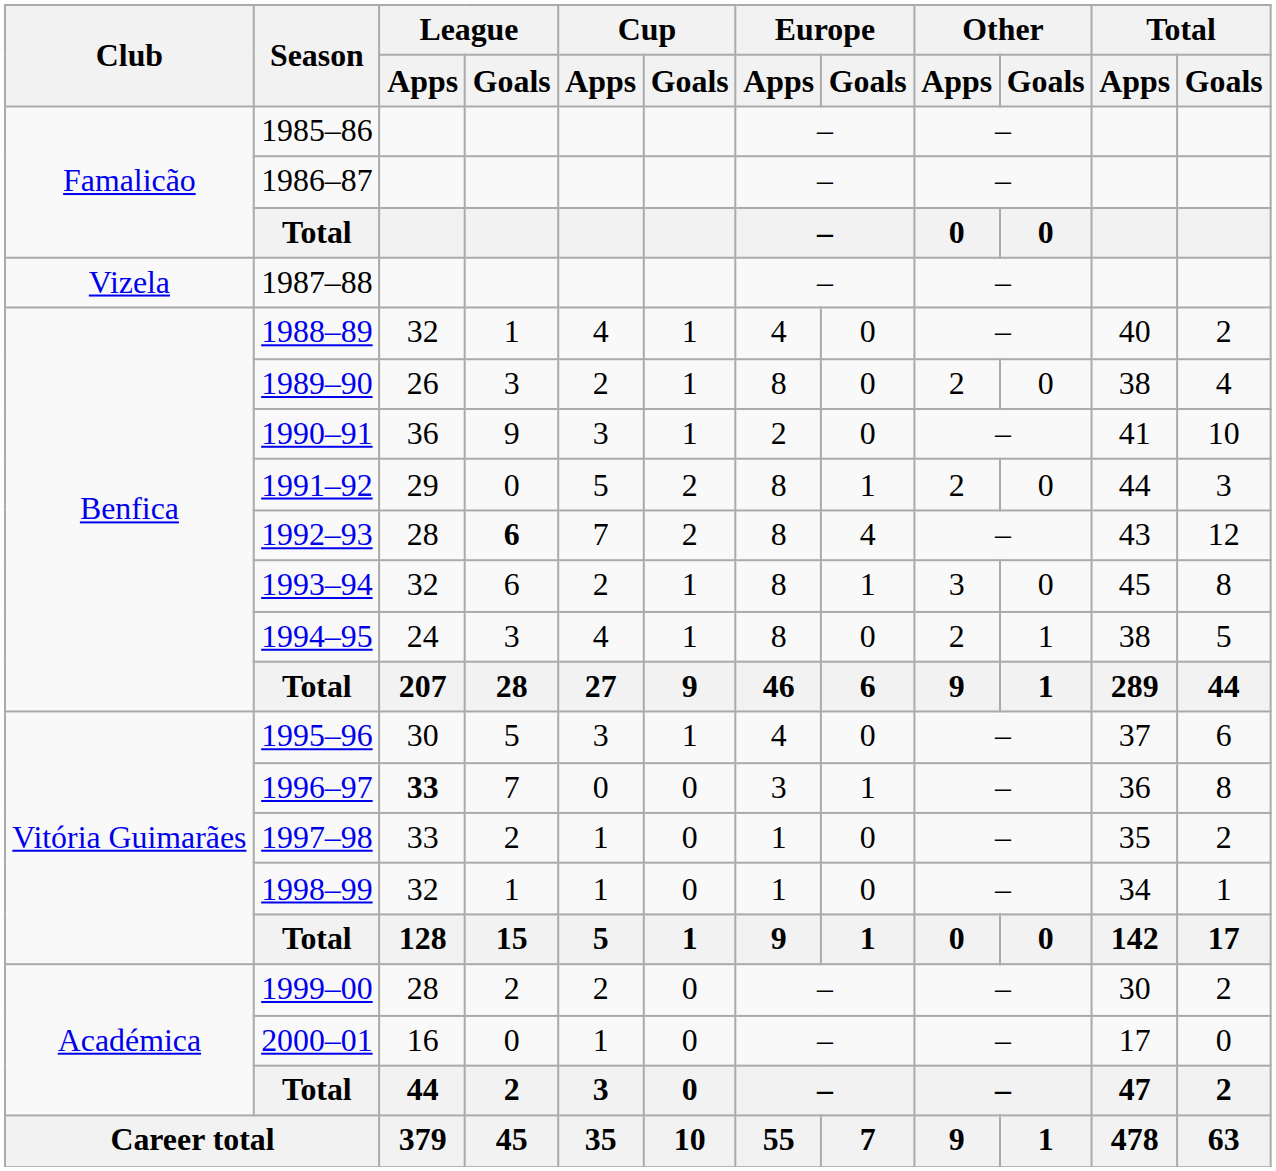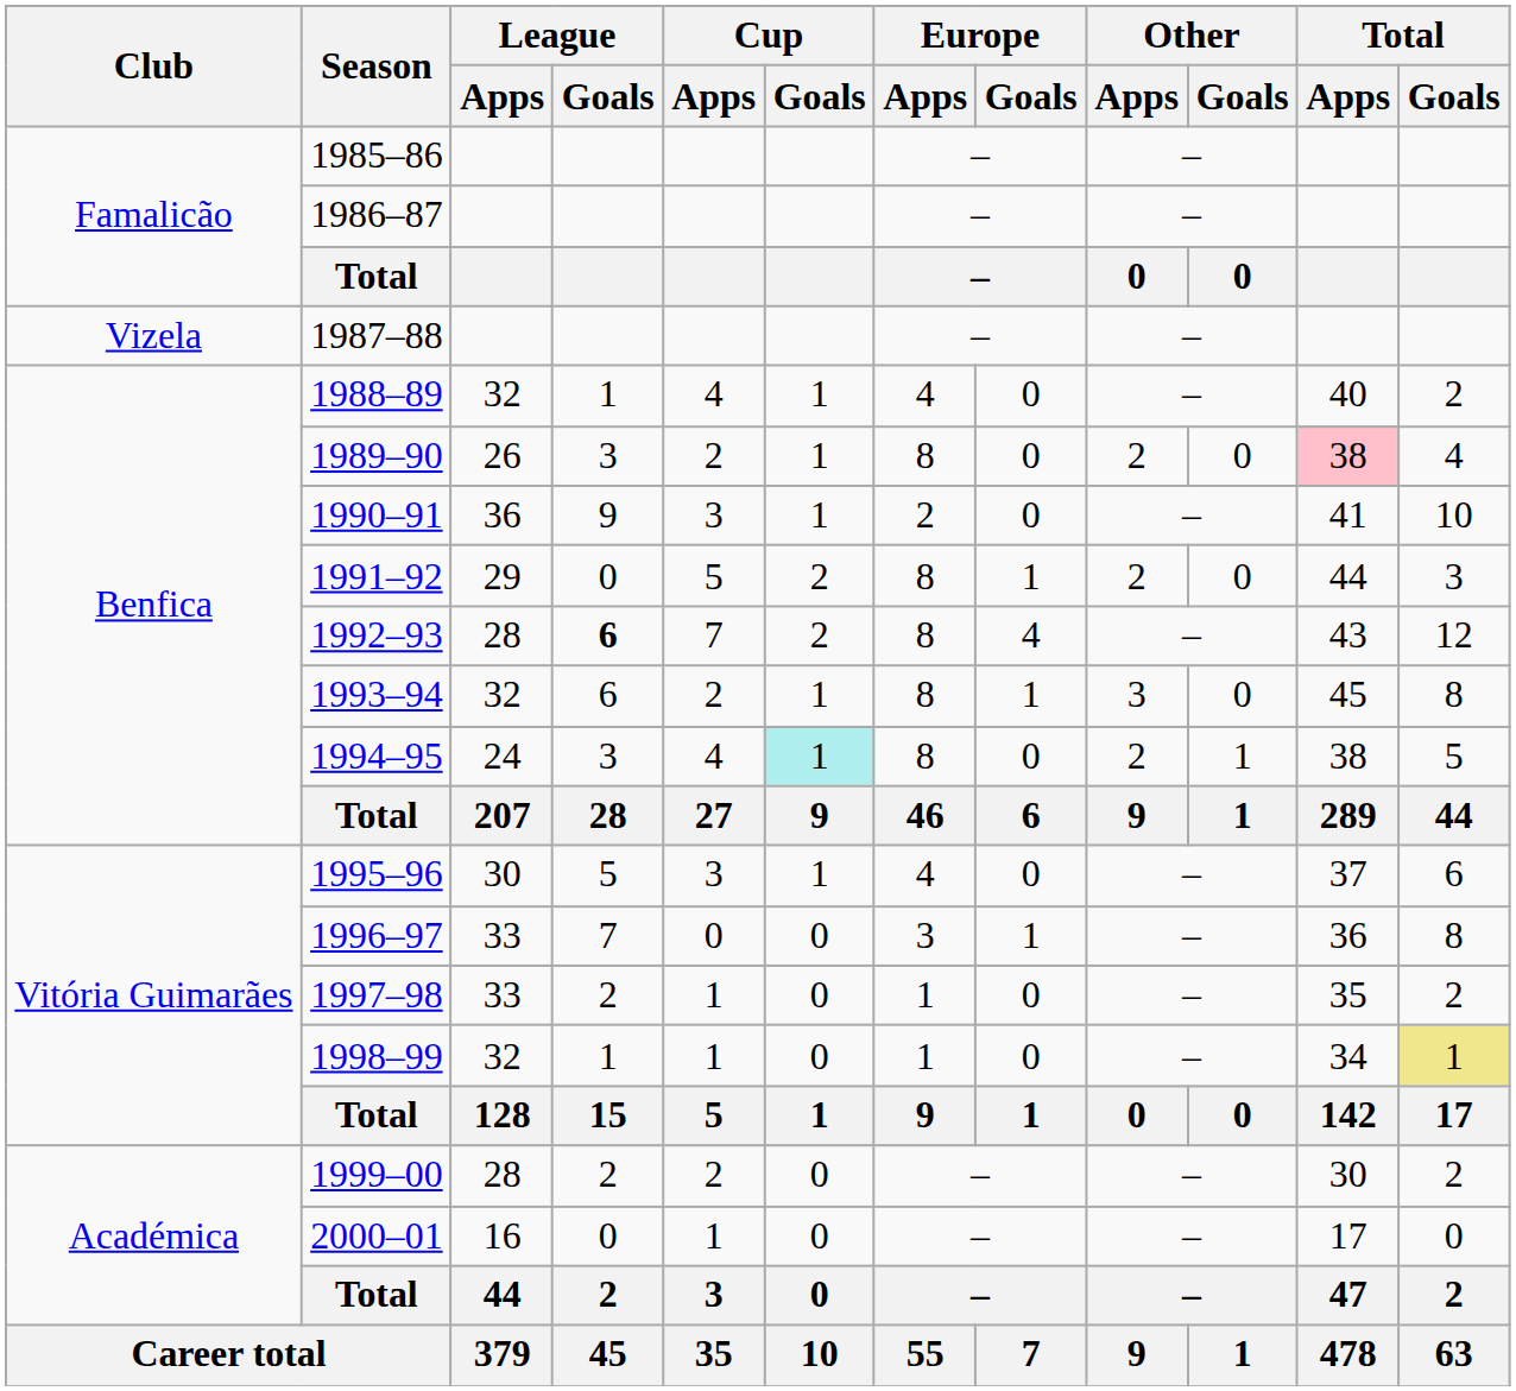 <table class="wikitable" style="text-align:center">
 <tr>
 <th rowspan="2">Club</th>
 <th rowspan="2">Season</th>
 <th colspan="2">League</th>
 <th colspan="2">Cup</th>
 <th colspan="2">Europe</th>
 <th colspan="2">Other</th>
 <th colspan="2">Total</th>
 </tr>
 <tr>
 <th>Apps</th>
 <th>Goals</th>
 <th>Apps</th>
 <th>Goals</th>
 <th>Apps</th>
 <th>Goals</th>
 <th>Apps</th>
 <th>Goals</th>
 <th>Apps</th>
 <th>Goals</th>
 </tr>
 <tr>
 <td rowspan="3"><a href='#'>Famalicão</a></td>
 <td>1985–86</td>
 <td></td>
 <td></td>
 <td></td>
 <td></td>
 <td colspan="2">–</td>
 <td colspan="2">–</td>
 <td></td>
 <td></td>
 </tr>
 <tr>
 <td>1986–87</td>
 <td></td>
 <td></td>
 <td></td>
 <td></td>
 <td colspan="2">–</td>
 <td colspan="2">–</td>
 <td></td>
 <td></td>
 </tr>
 <tr>
 <th>Total</th>
 <th></th>
 <th></th>
 <th></th>
 <th></th>
 <th colspan="2">–</th>
 <th>0</th>
 <th>0</th>
 <th></th>
 <th></th>
 </tr>
 <tr>
 <td><a href='#'>Vizela</a></td>
 <td>1987–88</td>
 <td></td>
 <td></td>
 <td></td>
 <td></td>
 <td colspan="2">–</td>
 <td colspan="2">–</td>
 <td></td>
 <td></td>
 </tr>
 <tr>
 <td rowspan="8"><a href='#'>Benfica</a></td>
 <td><a href='#'>1988–89</a></td>
 <td>32</td>
 <td>1</td>
 <td>4</td>
 <td>1</td>
 <td>4</td>
 <td>0</td>
 <td colspan="2">–</td>
 <td>40</td>
 <td>2</td>
 </tr>
 <tr>
 <td><a href='#'>1989–90</a></td>
 <td>26</td>
 <td>3</td>
 <td>2</td>
 <td>1</td>
 <td>8</td>
 <td>0</td>
 <td>2</td>
 <td>0</td>
-<td>38</td>
+<td style="background: pink;">38</td>
 <td>4</td>
 </tr>
 <tr>
 <td><a href='#'>1990–91</a></td>
 <td>36</td>
 <td>9</td>
 <td>3</td>
 <td>1</td>
 <td>2</td>
 <td>0</td>
 <td colspan="2">–</td>
 <td>41</td>
 <td>10</td>
 </tr>
 <tr>
 <td><a href='#'>1991–92</a></td>
 <td>29</td>
 <td>0</td>
 <td>5</td>
 <td>2</td>
 <td>8</td>
 <td>1</td>
 <td>2</td>
 <td>0</td>
 <td>44</td>
 <td>3</td>
 </tr>
 <tr>
 <td><a href='#'>1992–93</a></td>
 <td>28</td>
 <td><strong>6</strong></td>
 <td>7</td>
 <td>2</td>
 <td>8</td>
 <td>4</td>
 <td colspan="2">–</td>
 <td>43</td>
 <td>12</td>
 </tr>
 <tr>
 <td><a href='#'>1993–94</a></td>
 <td>32</td>
 <td>6</td>
 <td>2</td>
 <td>1</td>
 <td>8</td>
 <td>1</td>
 <td>3</td>
 <td>0</td>
 <td>45</td>
 <td>8</td>
 </tr>
 <tr>
 <td><a href='#'>1994–95</a></td>
 <td>24</td>
 <td>3</td>
 <td>4</td>
-<td>1</td>
+<td style="background: paleturquoise;">1</td>
 <td>8</td>
 <td>0</td>
 <td>2</td>
 <td>1</td>
 <td>38</td>
 <td>5</td>
 </tr>
 <tr>
 <th>Total</th>
 <th>207</th>
 <th>28</th>
 <th>27</th>
 <th>9</th>
 <th>46</th>
 <th>6</th>
 <th>9</th>
 <th>1</th>
 <th>289</th>
 <th>44</th>
 </tr>
 <tr>
 <td rowspan="5"><a href='#'>Vitória Guimarães</a></td>
 <td><a href='#'>1995–96</a></td>
 <td>30</td>
 <td>5</td>
 <td>3</td>
 <td>1</td>
 <td>4</td>
 <td>0</td>
 <td colspan="2">–</td>
 <td>37</td>
 <td>6</td>
 </tr>
 <tr>
 <td><a href='#'>1996–97</a></td>
-<td><strong>33</strong></td>
+<td>33</td>
 <td>7</td>
 <td>0</td>
 <td>0</td>
 <td>3</td>
 <td>1</td>
 <td colspan="2">–</td>
 <td>36</td>
 <td>8</td>
 </tr>
 <tr>
 <td><a href='#'>1997–98</a></td>
 <td>33</td>
 <td>2</td>
 <td>1</td>
 <td>0</td>
 <td>1</td>
 <td>0</td>
 <td colspan="2">–</td>
 <td>35</td>
 <td>2</td>
 </tr>
 <tr>
 <td><a href='#'>1998–99</a></td>
 <td>32</td>
 <td>1</td>
 <td>1</td>
 <td>0</td>
 <td>1</td>
 <td>0</td>
 <td colspan="2">–</td>
 <td>34</td>
-<td>1</td>
+<td style="background: khaki;">1</td>
 </tr>
 <tr>
 <th>Total</th>
 <th>128</th>
 <th>15</th>
 <th>5</th>
 <th>1</th>
 <th>9</th>
 <th>1</th>
 <th>0</th>
 <th>0</th>
 <th>142</th>
 <th>17</th>
 </tr>
 <tr>
 <td rowspan="3"><a href='#'>Académica</a></td>
 <td><a href='#'>1999–00</a></td>
 <td>28</td>
 <td>2</td>
 <td>2</td>
 <td>0</td>
 <td colspan="2">–</td>
 <td colspan="2">–</td>
 <td>30</td>
 <td>2</td>
 </tr>
 <tr>
 <td><a href='#'>2000–01</a></td>
 <td>16</td>
 <td>0</td>
 <td>1</td>
 <td>0</td>
 <td colspan="2">–</td>
 <td colspan="2">–</td>
 <td>17</td>
 <td>0</td>
 </tr>
 <tr>
 <th>Total</th>
 <th>44</th>
 <th>2</th>
 <th>3</th>
 <th>0</th>
 <th colspan="2">–</th>
 <th colspan="2">–</th>
 <th>47</th>
 <th>2</th>
 </tr>
 <tr>
 <th colspan="2">Career total</th>
 <th>379</th>
 <th>45</th>
 <th>35</th>
 <th>10</th>
 <th>55</th>
 <th>7</th>
 <th>9</th>
 <th>1</th>
 <th>478</th>
 <th>63</th>
 </tr>
 </table>
